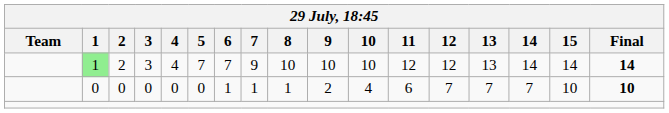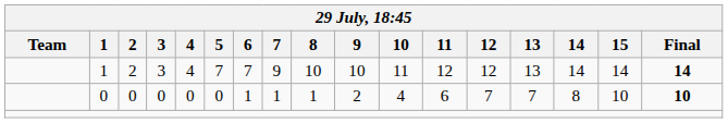 <table class=wikitable style="text-align:center; width: 55%">
 <tr>
 <th colspan=17><em>29 July, 18:45</em></th>
 </tr>
 <tr>
 <th>Team</th>
 <th>1</th>
 <th>2</th>
 <th>3</th>
 <th>4</th>
 <th>5</th>
 <th>6</th>
 <th>7</th>
 <th>8</th>
 <th>9</th>
 <th>10</th>
 <th>11</th>
 <th>12</th>
 <th>13</th>
 <th>14</th>
 <th>15</th>
 <th>Final</th>
 </tr>
 <tr>
 <td align=left><strong></strong></td>
-<td style="background: lightgreen;">1</td>
+<td>1</td>
 <td>2</td>
 <td>3</td>
 <td>4</td>
 <td>7</td>
 <td>7</td>
 <td>9</td>
 <td>10</td>
 <td>10</td>
-<td>10</td>
+<td>11</td>
 <td>12</td>
 <td>12</td>
 <td>13</td>
 <td>14</td>
 <td>14</td>
 <td><strong>14</strong></td>
 </tr>
 <tr>
 <td align=left></td>
 <td>0</td>
 <td>0</td>
 <td>0</td>
 <td>0</td>
 <td>0</td>
 <td>1</td>
 <td>1</td>
 <td>1</td>
 <td>2</td>
 <td>4</td>
 <td>6</td>
 <td>7</td>
 <td>7</td>
-<td>7</td>
+<td>8</td>
 <td>10</td>
 <td><strong>10</strong></td>
 </tr>
 <tr>
 <td colspan=17></td>
 </tr>
 </table>
